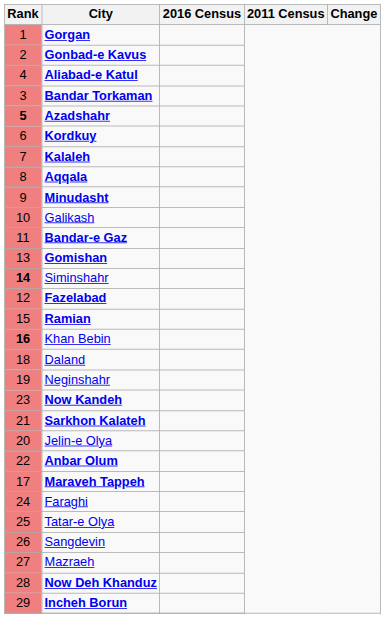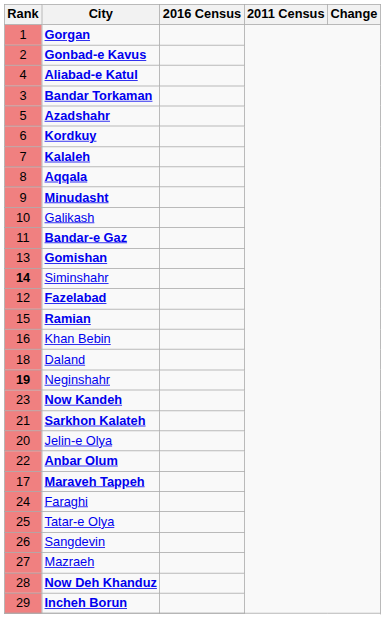 <table class="wikitable sortable">
 <tr>
 <th>Rank</th>
 <th>City</th>
 <th>2016 Census</th>
 <th>2011 Census</th>
 <th>Change</th>
 </tr>
 <tr>
 <td align=center bgcolor="F08080">1</td>
 <td><strong><a href='#'>Gorgan</a></strong></td>
 <td></td>
 </tr>
 <tr>
 <td align=center bgcolor="F08080">2</td>
 <td><strong><a href='#'>Gonbad-e Kavus</a></strong></td>
 <td></td>
 </tr>
 <tr>
 <td align=center bgcolor="F08080">4</td>
 <td><strong><a href='#'>Aliabad-e Katul</a></strong></td>
 <td></td>
 </tr>
 <tr>
 <td align=center bgcolor="F08080">3</td>
 <td><strong><a href='#'>Bandar Torkaman</a></strong></td>
 <td></td>
 </tr>
 <tr>
-<td align=center bgcolor="F08080"><strong>5</strong></td>
+<td align=center bgcolor="F08080">5</td>
 <td><strong><a href='#'>Azadshahr</a></strong></td>
 <td></td>
 </tr>
 <tr>
 <td align=center bgcolor="F08080">6</td>
 <td><strong><a href='#'>Kordkuy</a></strong></td>
 <td></td>
 </tr>
 <tr>
 <td align=center bgcolor="F08080">7</td>
 <td><strong><a href='#'>Kalaleh</a></strong></td>
 <td></td>
 </tr>
 <tr>
 <td align=center bgcolor="F08080">8</td>
 <td><strong><a href='#'>Aqqala</a></strong></td>
 <td></td>
 </tr>
 <tr>
 <td align=center bgcolor="F08080">9</td>
 <td><strong><a href='#'>Minudasht</a></strong></td>
 <td></td>
 </tr>
 <tr>
 <td align=center bgcolor="F08080">10</td>
 <td><a href='#'>Galikash</a></td>
 <td></td>
 </tr>
 <tr>
 <td align=center bgcolor="F08080">11</td>
 <td><strong><a href='#'>Bandar-e Gaz</a></strong></td>
 <td></td>
 </tr>
 <tr>
 <td align=center bgcolor="F08080">13</td>
 <td><strong><a href='#'>Gomishan</a></strong></td>
 <td></td>
 </tr>
 <tr>
 <td align=center bgcolor="F08080"><strong>14</strong></td>
 <td><a href='#'>Siminshahr</a></td>
 <td></td>
 </tr>
 <tr>
 <td align=center bgcolor="F08080">12</td>
 <td><strong><a href='#'>Fazelabad</a></strong></td>
 <td></td>
 </tr>
 <tr>
 <td align=center bgcolor="F08080">15</td>
 <td><strong><a href='#'>Ramian</a></strong></td>
 <td></td>
 </tr>
 <tr>
-<td align=center bgcolor="F08080"><strong>16</strong></td>
+<td align=center bgcolor="F08080">16</td>
 <td><a href='#'>Khan Bebin</a></td>
 <td></td>
 </tr>
 <tr>
 <td align=center bgcolor="F08080">18</td>
 <td><a href='#'>Daland</a></td>
 <td></td>
 </tr>
 <tr>
-<td align=center bgcolor="F08080">19</td>
+<td align=center bgcolor="F08080"><strong>19</strong></td>
 <td><a href='#'>Neginshahr</a></td>
 <td></td>
 </tr>
 <tr>
 <td align=center bgcolor="F08080">23</td>
 <td><strong><a href='#'>Now Kandeh</a></strong></td>
 <td></td>
 </tr>
 <tr>
 <td align=center bgcolor="F08080">21</td>
 <td><strong><a href='#'>Sarkhon Kalateh</a></strong></td>
 <td></td>
 </tr>
 <tr>
 <td align=center bgcolor="F08080">20</td>
 <td><a href='#'>Jelin-e Olya</a></td>
 <td></td>
 </tr>
 <tr>
 <td align=center bgcolor="F08080">22</td>
 <td><strong><a href='#'>Anbar Olum</a></strong></td>
 <td></td>
 </tr>
 <tr>
 <td align=center bgcolor="F08080">17</td>
 <td><strong><a href='#'>Maraveh Tappeh</a></strong></td>
 <td></td>
 </tr>
 <tr>
 <td align=center bgcolor="F08080">24</td>
 <td><a href='#'>Faraghi</a></td>
 <td></td>
 </tr>
 <tr>
 <td align=center bgcolor="F08080">25</td>
 <td><a href='#'>Tatar-e Olya</a></td>
 <td></td>
 </tr>
 <tr>
 <td align=center bgcolor="F08080">26</td>
 <td><a href='#'>Sangdevin</a></td>
 <td></td>
 </tr>
 <tr>
 <td align=center bgcolor="F08080">27</td>
 <td><a href='#'>Mazraeh</a></td>
 <td></td>
 </tr>
 <tr>
 <td align=center bgcolor="F08080">28</td>
 <td><strong><a href='#'>Now Deh Khanduz</a></strong></td>
 <td></td>
 </tr>
 <tr>
 <td align=center bgcolor="F08080">29</td>
 <td><strong><a href='#'>Incheh Borun</a></strong></td>
 <td></td>
 </tr>
 <tr>
 </tr>
 </table>
